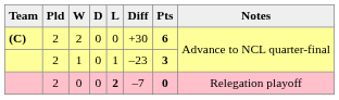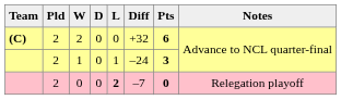 <table style=border-collapse:collapse border=1 cellspacing=0 cellpadding=5>
 <tr align=center bgcolor=#efefef>
 <th>Team</th>
 <th>Pld</th>
 <th>W</th>
 <th>D</th>
 <th>L</th>
 <th>Diff</th>
 <th>Pts</th>
 <th>Notes</th>
 </tr>
 <tr align=center style="background:#FFFF99">
 <td style="text-align:left;">  <strong>(C)</strong></td>
 <td>2</td>
 <td>2</td>
 <td>0</td>
 <td>0</td>
-<td>+30</td>
+<td>+32</td>
 <td><strong>6</strong></td>
 <td rowspan=2>Advance to NCL quarter-final</td>
 </tr>
 <tr align=center style="background:#FFFF99;">
 <td style="text-align:left;"> </td>
 <td>2</td>
 <td>1</td>
 <td>0</td>
 <td>1</td>
-<td>–23</td>
+<td>–24</td>
 <td><strong>3</strong></td>
 </tr>
 <tr align=center style="background:#FFC0CB;">
 <td style="text-align:left;"> </td>
 <td>2</td>
 <td>0</td>
 <td>0</td>
 <td><strong>2</strong></td>
 <td>–7</td>
 <td><strong>0</strong></td>
 <td rowspan=1>Relegation playoff</td>
 </tr>
 </table>
